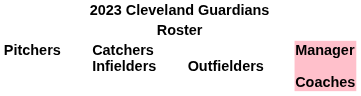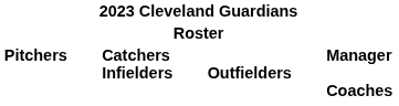 <table class="toccolours" style="font-size: 95%;">
 <tr>
 <th colspan="10">2023 Cleveland Guardians</th>
 </tr>
 <tr>
 <th colspan="10">Roster</th>
 </tr>
 <tr>
 <td valign="top"><strong>Pitchers</strong><br>                           </td>
 <td style="width:25px;"></td>
 <td valign="top"><strong>Catchers</strong><br>       <strong>Infielders</strong>         </td>
 <td style="width:25px;"></td>
 <td valign="top"><br><strong>Outfielders</strong>      </td>
 <td style="width:25px;"></td>
-<td valign="top" style="background: pink;"><strong>Manager</strong><br><br><strong>Coaches</strong>                              </td>
+<td valign="top"><strong>Manager</strong><br><br><strong>Coaches</strong>                              </td>
 </tr>
 </table>
